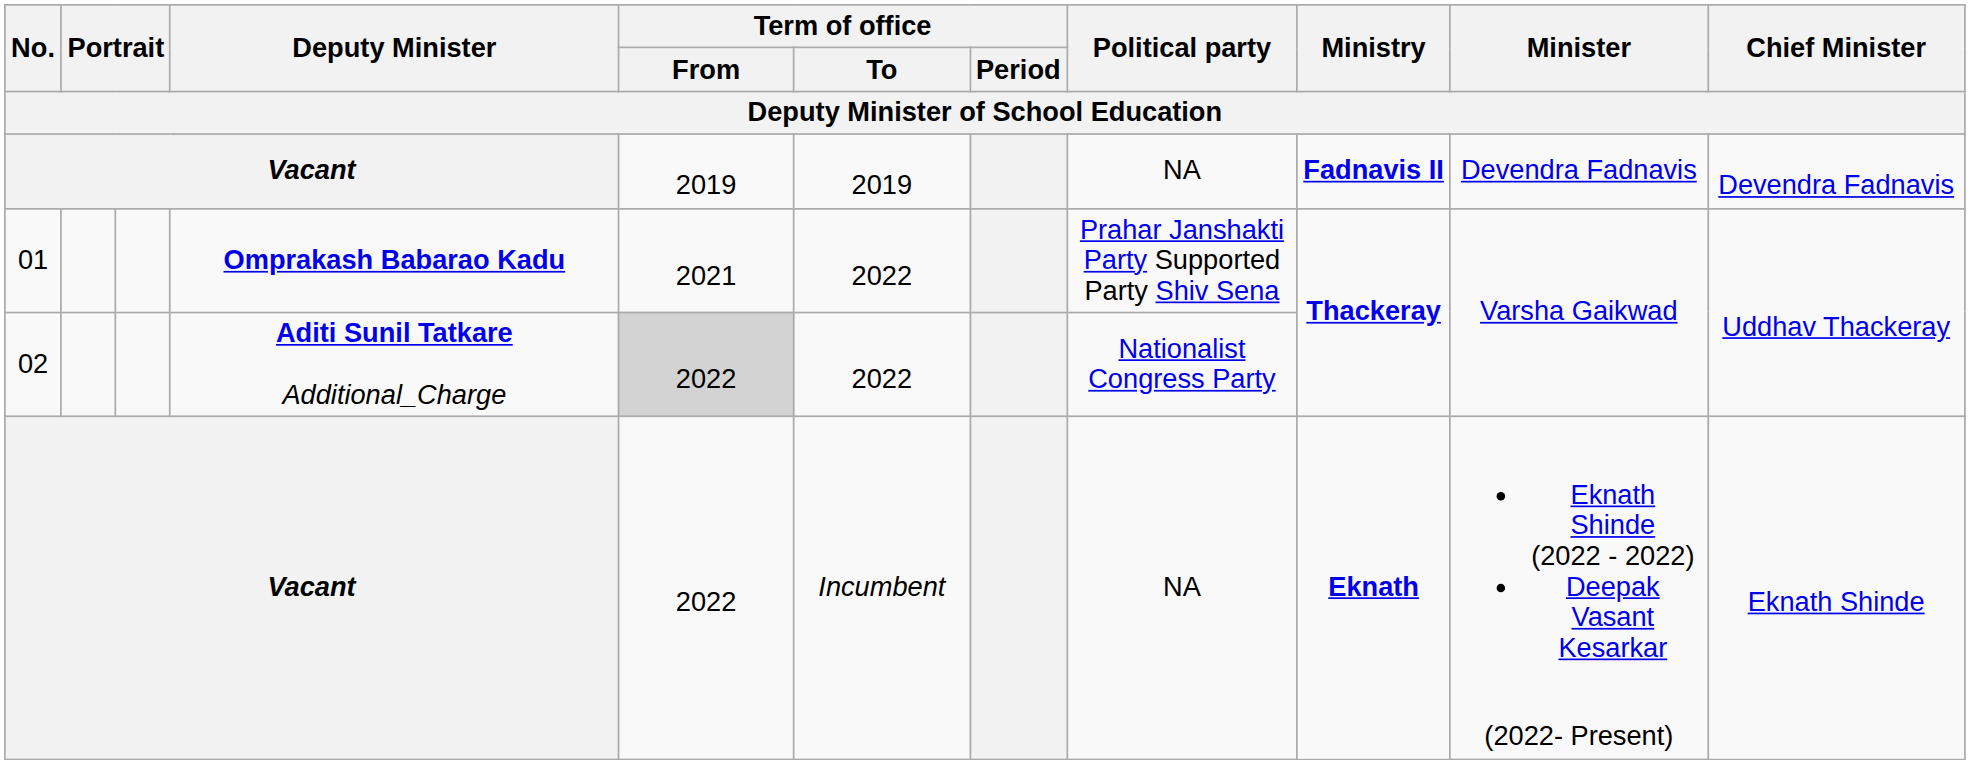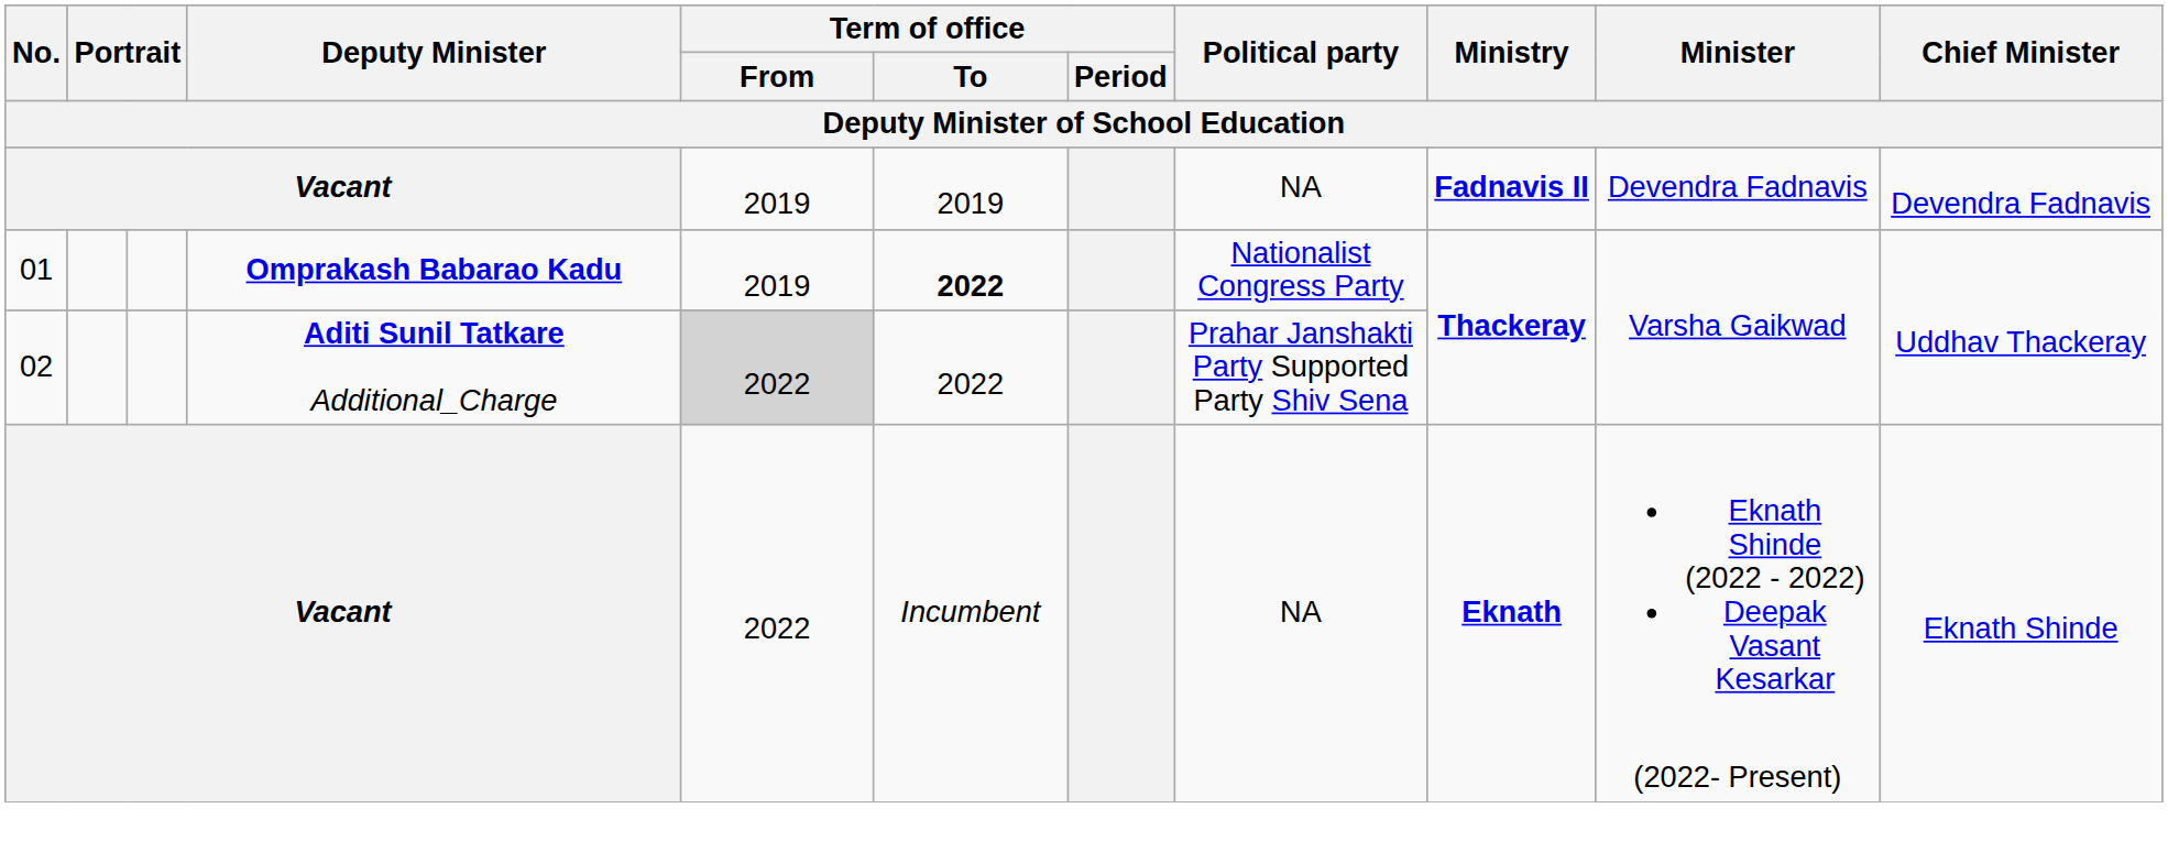 <table class="wikitable" style="text-align:center">
 <tr>
 <th rowspan="2">No.</th>
 <th rowspan="2" colspan="2">Portrait</th>
 <th rowspan="2" style="width:16em">Deputy Minister<br></th>
 <th colspan="3">Term of office</th>
 <th rowspan="2" style="width:8em">Political party</th>
 <th rowspan="2">Ministry</th>
 <th rowspan="2" style="width:9em">Minister</th>
 <th rowspan="2" style="width:9em">Chief Minister</th>
 </tr>
 <tr>
 <th style="width:6em">From</th>
 <th style="width:6em">To</th>
 <th>Period</th>
 </tr>
 <tr>
 <th colspan="11">Deputy Minister of School Education</th>
 </tr>
 <tr>
 <th colspan="04"><strong><em> Vacant</em></strong></th>
 <td><br>2019</td>
 <td><br>2019</td>
 <th></th>
 <td>NA</td>
 <td rowspan="1"><a href='#'><strong>Fadnavis II</strong></a></td>
 <td><a href='#'>Devendra Fadnavis</a></td>
 <td rowspan="1"> <br><a href='#'>Devendra Fadnavis</a></td>
 </tr>
 <tr>
 <td>01</td>
 <td style="color:inherit;background:"></td>
 <td></td>
 <td><strong><a href='#'>Omprakash Babarao Kadu</a></strong> <br> </td>
-<td><br>2021</td>
-<td><br>2022</td>
+<td><br>2019</td>
+<td><strong><br>2022</strong></td>
 <th></th>
-<td><a href='#'>Prahar Janshakti Party</a> Supported Party <a href='#'>Shiv Sena</a></td>
+<td><a href='#'>Nationalist Congress Party</a></td>
 <td rowspan="2"><a href='#'><strong>Thackeray</strong></a></td>
 <td rowspan="2"><a href='#'>Varsha Gaikwad</a></td>
 <td rowspan="2"> <br><a href='#'>Uddhav Thackeray</a></td>
 </tr>
 <tr>
 <td>02</td>
 <td style="color:inherit;background:"></td>
 <td></td>
 <td><strong><a href='#'>Aditi Sunil Tatkare</a></strong> <br> <br><em>Additional_Charge</em></td>
 <td style="background: lightgrey;"><br>2022</td>
 <td><br>2022</td>
 <th></th>
-<td><a href='#'>Nationalist Congress Party</a></td>
+<td><a href='#'>Prahar Janshakti Party</a> Supported Party <a href='#'>Shiv Sena</a></td>
 </tr>
 <tr>
 <th colspan="04"><strong><em>Vacant</em></strong></th>
 <td><br>2022</td>
 <td><em>Incumbent</em></td>
 <th></th>
 <td>NA</td>
 <td rowspan="2"><a href='#'><strong>Eknath</strong></a></td>
 <td><br><ul><li><a href='#'>Eknath Shinde</a><br>(2022 - 2022)</li><li><a href='#'>Deepak Vasant Kesarkar</a></li></ul><br> (2022- Present)</td>
 <td rowspan="2"> <br><a href='#'>Eknath Shinde</a></td>
 </tr>
 <tr>
 </tr>
 </table>
